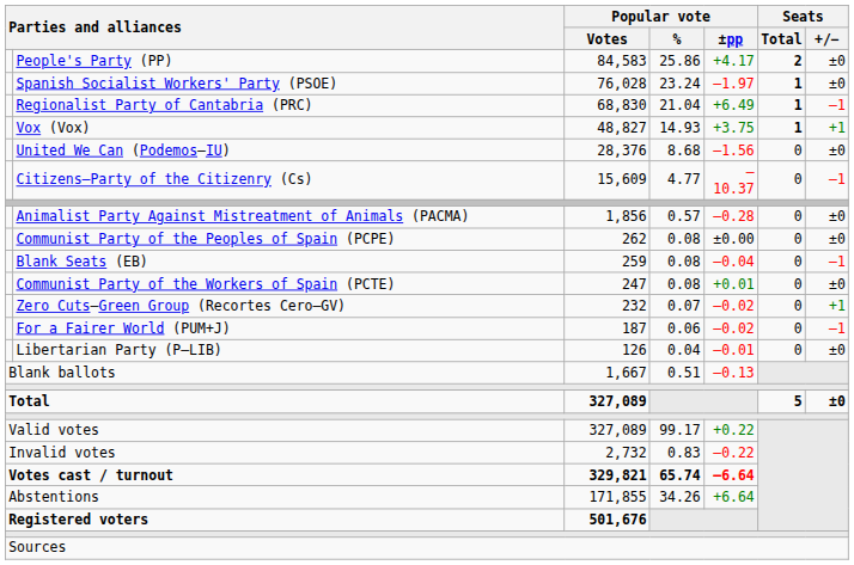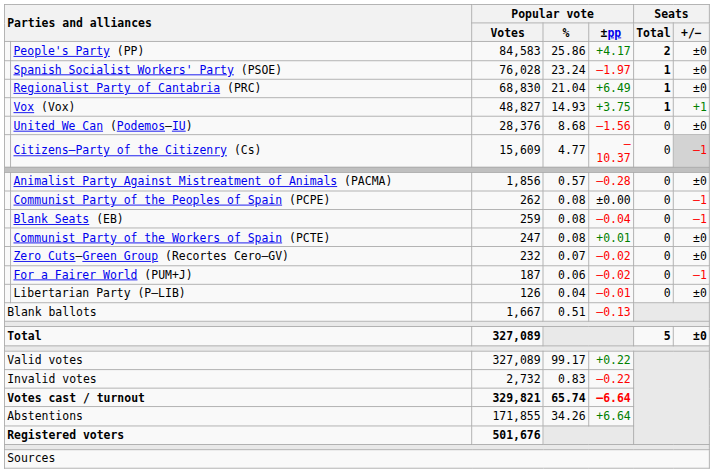 <table class="wikitable" style="text-align:right;">
 <tr>
 <th style="text-align:left;" rowspan="2" colspan="2" width="525">Parties and alliances</th>
 <th colspan="3">Popular vote</th>
 <th colspan="2">Seats</th>
 </tr>
 <tr>
 <th width="75">Votes</th>
 <th width="45">%</th>
 <th width="45">±<a href='#'>pp</a></th>
 <th width="35">Total</th>
 <th width="35">+/−</th>
 </tr>
 <tr>
 <td width="1" style="color:inherit;background:"></td>
 <td align="left"><a href='#'>People's Party</a> (PP)</td>
 <td>84,583</td>
 <td>25.86</td>
 <td style="color:green;">+4.17</td>
 <td><strong>2</strong></td>
 <td>±0</td>
 </tr>
 <tr>
 <td style="color:inherit;background:"></td>
 <td align="left"><a href='#'>Spanish Socialist Workers' Party</a> (PSOE)</td>
 <td>76,028</td>
 <td>23.24</td>
 <td style="color:red;">–1.97</td>
 <td><strong>1</strong></td>
 <td>±0</td>
 </tr>
 <tr>
 <td style="color:inherit;background:"></td>
 <td align="left"><a href='#'>Regionalist Party of Cantabria</a> (PRC)</td>
 <td>68,830</td>
 <td>21.04</td>
 <td style="color:green;">+6.49</td>
 <td><strong>1</strong></td>
-<td style="color:red;">–1</td>
+<td>±0</td>
 </tr>
 <tr>
 <td style="color:inherit;background:"></td>
 <td align="left"><a href='#'>Vox</a> (Vox)</td>
 <td>48,827</td>
 <td>14.93</td>
 <td style="color:green;">+3.75</td>
 <td><strong>1</strong></td>
 <td style="color:green;">+1</td>
 </tr>
 <tr>
 <td style="color:inherit;background:"></td>
 <td align="left"><a href='#'>United We Can</a> (<a href='#'>Podemos</a>–<a href='#'>IU</a>)</td>
 <td>28,376</td>
 <td>8.68</td>
 <td style="color:red;">–1.56</td>
 <td>0</td>
 <td>±0</td>
 </tr>
 <tr>
 <td style="color:inherit;background:"></td>
 <td align="left"><a href='#'>Citizens–Party of the Citizenry</a> (Cs)</td>
 <td>15,609</td>
 <td>4.77</td>
 <td style="color:red;">–10.37</td>
 <td>0</td>
-<td style="color:red;">–1</td>
+<td style="background: lightgrey; color:red;">–1</td>
 </tr>
 <tr>
 <td colspan="7" bgcolor="#C0C0C0"></td>
 </tr>
 <tr>
 <td style="color:inherit;background:"></td>
 <td align="left"><a href='#'>Animalist Party Against Mistreatment of Animals</a> (PACMA)</td>
 <td>1,856</td>
 <td>0.57</td>
 <td style="color:red;">–0.28</td>
 <td>0</td>
 <td>±0</td>
 </tr>
 <tr>
 <td style="color:inherit;background:"></td>
 <td align="left"><a href='#'>Communist Party of the Peoples of Spain</a> (PCPE)</td>
 <td>262</td>
 <td>0.08</td>
 <td>±0.00</td>
 <td>0</td>
-<td>±0</td>
+<td style="color:red;">–1</td>
 </tr>
 <tr>
 <td style="color:inherit;background:"></td>
 <td align="left"><a href='#'>Blank Seats</a> (EB)</td>
 <td>259</td>
 <td>0.08</td>
 <td style="color:red;">–0.04</td>
 <td>0</td>
 <td style="color:red;">–1</td>
 </tr>
 <tr>
 <td style="color:inherit;background:"></td>
 <td align="left"><a href='#'>Communist Party of the Workers of Spain</a> (PCTE)</td>
 <td>247</td>
 <td>0.08</td>
 <td style="color:green;">+0.01</td>
 <td>0</td>
 <td>±0</td>
 </tr>
 <tr>
 <td style="color:inherit;background:"></td>
 <td align="left"><a href='#'>Zero Cuts</a>–<a href='#'>Green Group</a> (Recortes Cero–GV)</td>
 <td>232</td>
 <td>0.07</td>
 <td style="color:red;">–0.02</td>
 <td>0</td>
-<td style="color:green;">+1</td>
+<td>±0</td>
 </tr>
 <tr>
 <td style="color:inherit;background:"></td>
 <td align="left"><a href='#'>For a Fairer World</a> (PUM+J)</td>
 <td>187</td>
 <td>0.06</td>
 <td style="color:red;">–0.02</td>
 <td>0</td>
 <td style="color:red;">–1</td>
 </tr>
 <tr>
 <td style="color:inherit;background:"></td>
 <td align="left">Libertarian Party (P–LIB)</td>
 <td>126</td>
 <td>0.04</td>
 <td style="color:red;">–0.01</td>
 <td>0</td>
 <td>±0</td>
 </tr>
 <tr>
 <td align="left" colspan="2">Blank ballots</td>
 <td>1,667</td>
 <td>0.51</td>
 <td style="color:red;">–0.13</td>
 <td bgcolor="#E9E9E9" colspan="2"></td>
 </tr>
 <tr>
 <td colspan="7" bgcolor="#E9E9E9"></td>
 </tr>
 <tr style="font-weight:bold;">
 <td align="left" colspan="2">Total</td>
 <td>327,089</td>
 <td bgcolor="#E9E9E9" colspan="2"></td>
 <td>5</td>
 <td>±0</td>
 </tr>
 <tr>
 <td colspan="7" bgcolor="#E9E9E9"></td>
 </tr>
 <tr>
 <td align="left" colspan="2">Valid votes</td>
 <td>327,089</td>
 <td>99.17</td>
 <td style="color:green;">+0.22</td>
 <td bgcolor="#E9E9E9" colspan="2" rowspan="5"></td>
 </tr>
 <tr>
 <td align="left" colspan="2">Invalid votes</td>
 <td>2,732</td>
 <td>0.83</td>
 <td style="color:red;">–0.22</td>
 </tr>
 <tr style="font-weight:bold;">
 <td align="left" colspan="2">Votes cast / turnout</td>
 <td>329,821</td>
 <td>65.74</td>
 <td style="color:red;">–6.64</td>
 </tr>
 <tr>
 <td align="left" colspan="2">Abstentions</td>
 <td>171,855</td>
 <td>34.26</td>
 <td style="color:green;">+6.64</td>
 </tr>
 <tr style="font-weight:bold;">
 <td align="left" colspan="2">Registered voters</td>
 <td>501,676</td>
 <td bgcolor="#E9E9E9" colspan="2"></td>
 </tr>
 <tr>
 <td colspan="7" bgcolor="#E9E9E9"></td>
 </tr>
 <tr>
 <td align="left" colspan="7">Sources</td>
 </tr>
 </table>
